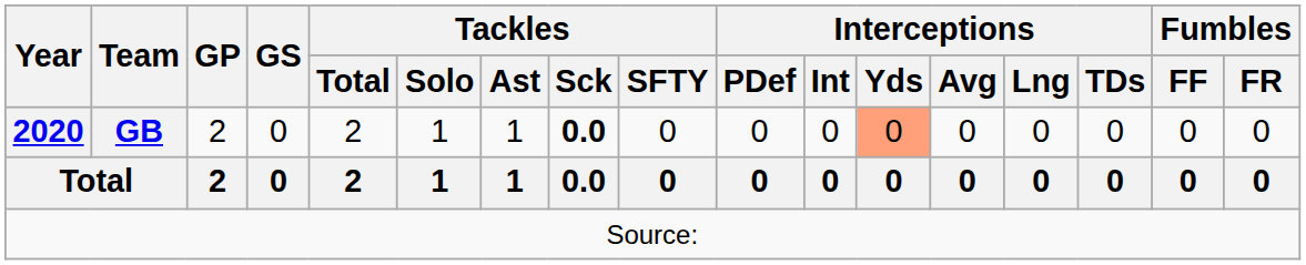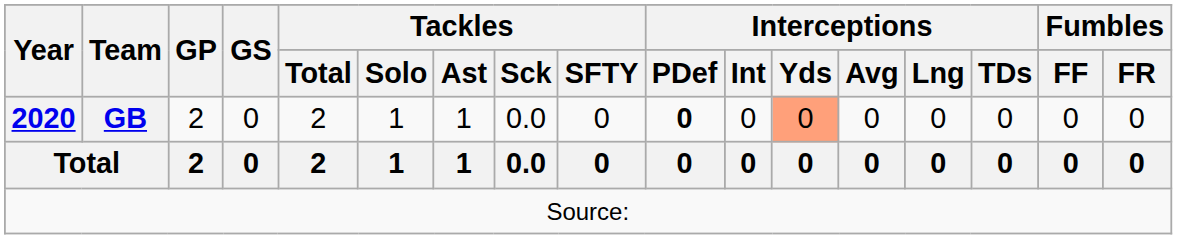 <table class="wikitable" style="text-align: center;">
 <tr>
 <th rowspan=2>Year</th>
 <th rowspan=2>Team</th>
 <th rowspan=2>GP</th>
 <th rowspan=2>GS</th>
 <th colspan=5>Tackles</th>
 <th colspan=6>Interceptions</th>
 <th colspan=2>Fumbles</th>
 </tr>
 <tr>
 <th>Total</th>
 <th>Solo</th>
 <th>Ast</th>
 <th>Sck</th>
 <th>SFTY</th>
 <th>PDef</th>
 <th>Int</th>
 <th>Yds</th>
 <th>Avg</th>
 <th>Lng</th>
 <th>TDs</th>
 <th>FF</th>
 <th>FR</th>
 </tr>
 <tr>
 <th><a href='#'>2020</a></th>
 <th><a href='#'>GB</a></th>
 <td>2</td>
 <td>0</td>
 <td>2</td>
 <td>1</td>
 <td>1</td>
-<td><strong>0.0</strong></td>
+<td>0.0</td>
 <td>0</td>
-<td>0</td>
+<td><strong>0</strong></td>
 <td>0</td>
 <td style="background: lightsalmon;">0</td>
 <td>0</td>
 <td>0</td>
 <td>0</td>
 <td>0</td>
 <td>0</td>
 </tr>
 <tr>
 <th colspan="2">Total</th>
 <th>2</th>
 <th>0</th>
 <th>2</th>
 <th>1</th>
 <th>1</th>
 <th>0.0</th>
 <th>0</th>
 <th>0</th>
 <th>0</th>
 <th>0</th>
 <th>0</th>
 <th>0</th>
 <th>0</th>
 <th>0</th>
 <th>0</th>
 </tr>
 <tr>
 <td colspan="17"><small>Source: </small></td>
 </tr>
 </table>
